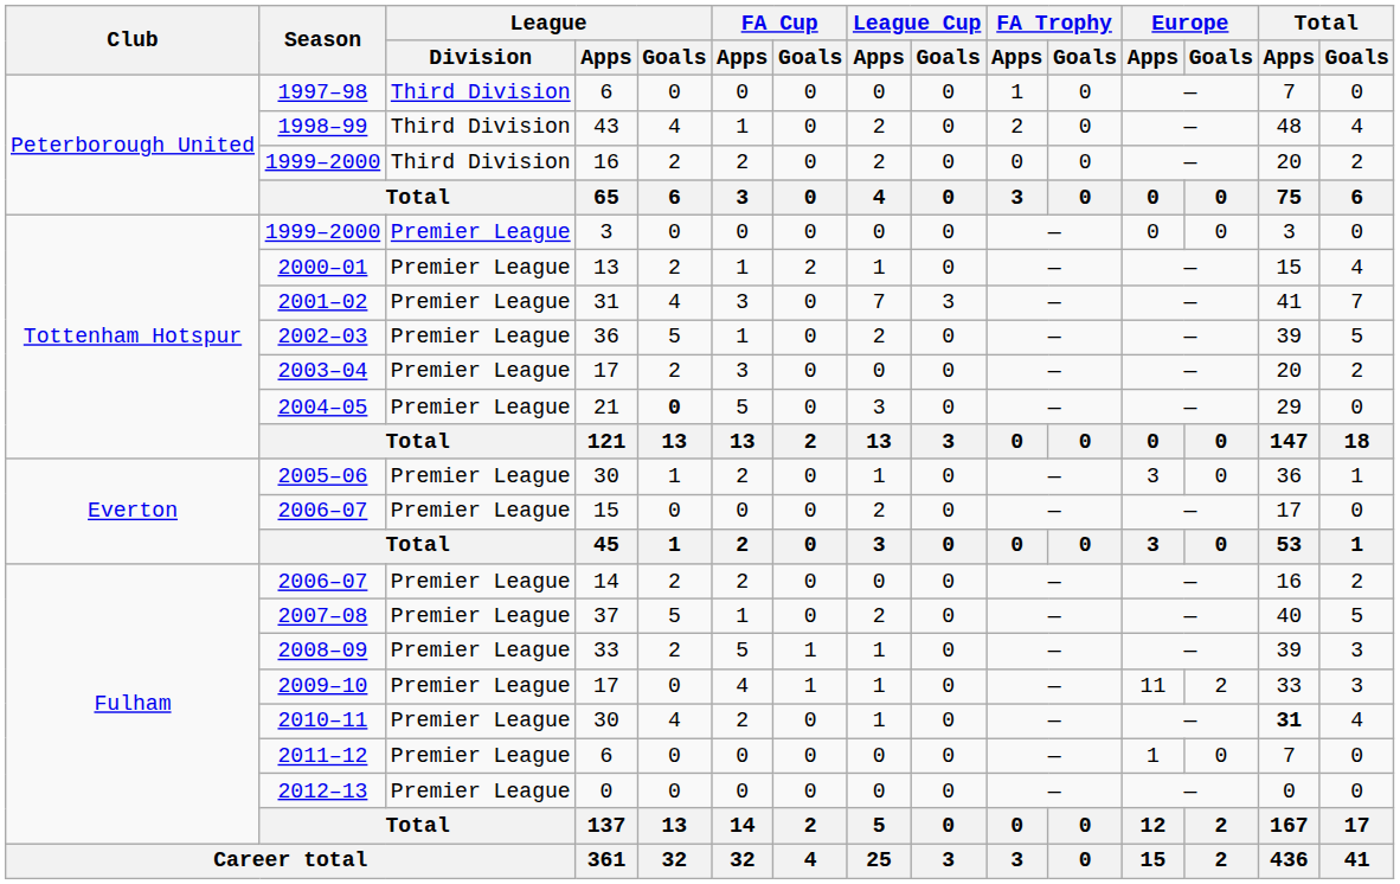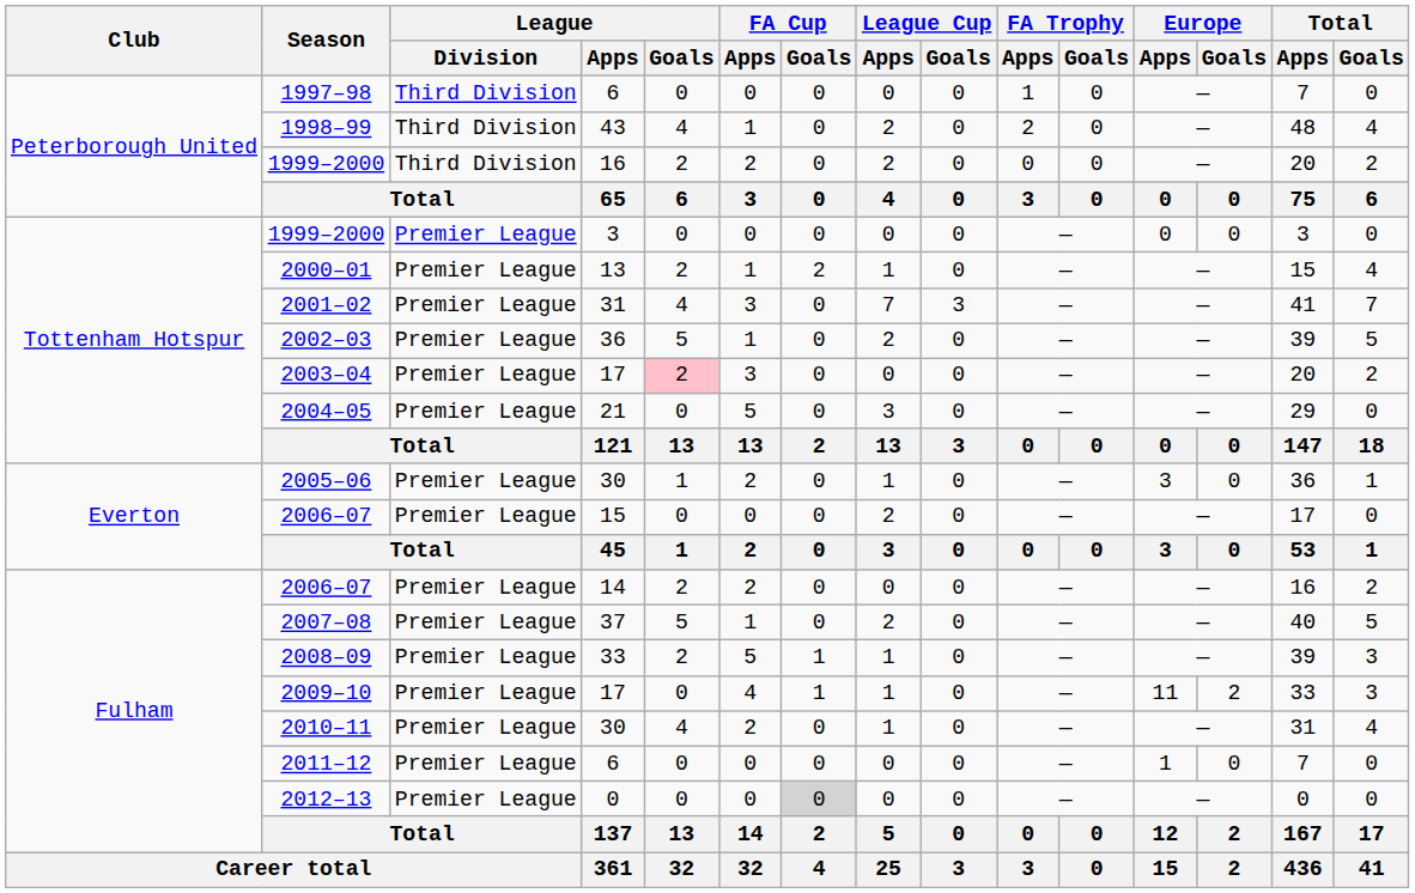 <table class="wikitable" style="text-align:center">
 <tr>
 <th rowspan="2">Club</th>
 <th rowspan="2">Season</th>
 <th colspan="3">League</th>
 <th colspan="2"><a href='#'>FA Cup</a></th>
 <th colspan="2"><a href='#'>League Cup</a></th>
 <th colspan="2"><a href='#'>FA Trophy</a></th>
 <th colspan="2"><a href='#'>Europe</a></th>
 <th colspan="2">Total</th>
 </tr>
 <tr>
 <th>Division</th>
 <th>Apps</th>
 <th>Goals</th>
 <th>Apps</th>
 <th>Goals</th>
 <th>Apps</th>
 <th>Goals</th>
 <th>Apps</th>
 <th>Goals</th>
 <th>Apps</th>
 <th>Goals</th>
 <th>Apps</th>
 <th>Goals</th>
 </tr>
 <tr>
 <td rowspan="4"><a href='#'>Peterborough United</a></td>
 <td><a href='#'>1997–98</a></td>
 <td><a href='#'>Third Division</a></td>
 <td>6</td>
 <td>0</td>
 <td>0</td>
 <td>0</td>
 <td>0</td>
 <td>0</td>
 <td>1</td>
 <td>0</td>
 <td colspan="2">—</td>
 <td>7</td>
 <td>0</td>
 </tr>
 <tr>
 <td><a href='#'>1998–99</a></td>
 <td>Third Division</td>
 <td>43</td>
 <td>4</td>
 <td>1</td>
 <td>0</td>
 <td>2</td>
 <td>0</td>
 <td>2</td>
 <td>0</td>
 <td colspan="2">—</td>
 <td>48</td>
 <td>4</td>
 </tr>
 <tr>
 <td><a href='#'>1999–2000</a></td>
 <td>Third Division</td>
 <td>16</td>
 <td>2</td>
 <td>2</td>
 <td>0</td>
 <td>2</td>
 <td>0</td>
 <td>0</td>
 <td>0</td>
 <td colspan="2">—</td>
 <td>20</td>
 <td>2</td>
 </tr>
 <tr>
 <th colspan="2">Total</th>
 <th>65</th>
 <th>6</th>
 <th>3</th>
 <th>0</th>
 <th>4</th>
 <th>0</th>
 <th>3</th>
 <th>0</th>
 <th>0</th>
 <th>0</th>
 <th>75</th>
 <th>6</th>
 </tr>
 <tr>
 <td rowspan="7"><a href='#'>Tottenham Hotspur</a></td>
 <td><a href='#'>1999–2000</a></td>
 <td><a href='#'>Premier League</a></td>
 <td>3</td>
 <td>0</td>
 <td>0</td>
 <td>0</td>
 <td>0</td>
 <td>0</td>
 <td colspan="2">—</td>
 <td>0</td>
 <td>0</td>
 <td>3</td>
 <td>0</td>
 </tr>
 <tr>
 <td><a href='#'>2000–01</a></td>
 <td>Premier League</td>
 <td>13</td>
 <td>2</td>
 <td>1</td>
 <td>2</td>
 <td>1</td>
 <td>0</td>
 <td colspan="2">—</td>
 <td colspan="2">—</td>
 <td>15</td>
 <td>4</td>
 </tr>
 <tr>
 <td><a href='#'>2001–02</a></td>
 <td>Premier League</td>
 <td>31</td>
 <td>4</td>
 <td>3</td>
 <td>0</td>
 <td>7</td>
 <td>3</td>
 <td colspan="2">—</td>
 <td colspan="2">—</td>
 <td>41</td>
 <td>7</td>
 </tr>
 <tr>
 <td><a href='#'>2002–03</a></td>
 <td>Premier League</td>
 <td>36</td>
 <td>5</td>
 <td>1</td>
 <td>0</td>
 <td>2</td>
 <td>0</td>
 <td colspan="2">—</td>
 <td colspan="2">—</td>
 <td>39</td>
 <td>5</td>
 </tr>
 <tr>
 <td><a href='#'>2003–04</a></td>
 <td>Premier League</td>
 <td>17</td>
-<td>2</td>
+<td style="background: pink;">2</td>
 <td>3</td>
 <td>0</td>
 <td>0</td>
 <td>0</td>
 <td colspan="2">—</td>
 <td colspan="2">—</td>
 <td>20</td>
 <td>2</td>
 </tr>
 <tr>
 <td><a href='#'>2004–05</a></td>
 <td>Premier League</td>
 <td>21</td>
-<td><strong>0</strong></td>
+<td>0</td>
 <td>5</td>
 <td>0</td>
 <td>3</td>
 <td>0</td>
 <td colspan="2">—</td>
 <td colspan="2">—</td>
 <td>29</td>
 <td>0</td>
 </tr>
 <tr>
 <th colspan="2">Total</th>
 <th>121</th>
 <th>13</th>
 <th>13</th>
 <th>2</th>
 <th>13</th>
 <th>3</th>
 <th>0</th>
 <th>0</th>
 <th>0</th>
 <th>0</th>
 <th>147</th>
 <th>18</th>
 </tr>
 <tr>
 <td rowspan="3"><a href='#'>Everton</a></td>
 <td><a href='#'>2005–06</a></td>
 <td>Premier League</td>
 <td>30</td>
 <td>1</td>
 <td>2</td>
 <td>0</td>
 <td>1</td>
 <td>0</td>
 <td colspan="2">—</td>
 <td>3</td>
 <td>0</td>
 <td>36</td>
 <td>1</td>
 </tr>
 <tr>
 <td><a href='#'>2006–07</a></td>
 <td>Premier League</td>
 <td>15</td>
 <td>0</td>
 <td>0</td>
 <td>0</td>
 <td>2</td>
 <td>0</td>
 <td colspan="2">—</td>
 <td colspan="2">—</td>
 <td>17</td>
 <td>0</td>
 </tr>
 <tr>
 <th colspan="2">Total</th>
 <th>45</th>
 <th>1</th>
 <th>2</th>
 <th>0</th>
 <th>3</th>
 <th>0</th>
 <th>0</th>
 <th>0</th>
 <th>3</th>
 <th>0</th>
 <th>53</th>
 <th>1</th>
 </tr>
 <tr>
 <td rowspan="8"><a href='#'>Fulham</a></td>
 <td><a href='#'>2006–07</a></td>
 <td>Premier League</td>
 <td>14</td>
 <td>2</td>
 <td>2</td>
 <td>0</td>
 <td>0</td>
 <td>0</td>
 <td colspan="2">—</td>
 <td colspan="2">—</td>
 <td>16</td>
 <td>2</td>
 </tr>
 <tr>
 <td><a href='#'>2007–08</a></td>
 <td>Premier League</td>
 <td>37</td>
 <td>5</td>
 <td>1</td>
 <td>0</td>
 <td>2</td>
 <td>0</td>
 <td colspan="2">—</td>
 <td colspan="2">—</td>
 <td>40</td>
 <td>5</td>
 </tr>
 <tr>
 <td><a href='#'>2008–09</a></td>
 <td>Premier League</td>
 <td>33</td>
 <td>2</td>
 <td>5</td>
 <td>1</td>
 <td>1</td>
 <td>0</td>
 <td colspan="2">—</td>
 <td colspan="2">—</td>
 <td>39</td>
 <td>3</td>
 </tr>
 <tr>
 <td><a href='#'>2009–10</a></td>
 <td>Premier League</td>
 <td>17</td>
 <td>0</td>
 <td>4</td>
 <td>1</td>
 <td>1</td>
 <td>0</td>
 <td colspan="2">—</td>
 <td>11</td>
 <td>2</td>
 <td>33</td>
 <td>3</td>
 </tr>
 <tr>
 <td><a href='#'>2010–11</a></td>
 <td>Premier League</td>
 <td>30</td>
 <td>4</td>
 <td>2</td>
 <td>0</td>
 <td>1</td>
 <td>0</td>
 <td colspan="2">—</td>
 <td colspan="2">—</td>
-<td><strong>31</strong></td>
+<td>31</td>
 <td>4</td>
 </tr>
 <tr>
 <td><a href='#'>2011–12</a></td>
 <td>Premier League</td>
 <td>6</td>
 <td>0</td>
 <td>0</td>
 <td>0</td>
 <td>0</td>
 <td>0</td>
 <td colspan="2">—</td>
 <td>1</td>
 <td>0</td>
 <td>7</td>
 <td>0</td>
 </tr>
 <tr>
 <td><a href='#'>2012–13</a></td>
 <td>Premier League</td>
 <td>0</td>
 <td>0</td>
 <td>0</td>
-<td>0</td>
+<td style="background: lightgrey;">0</td>
 <td>0</td>
 <td>0</td>
 <td colspan="2">—</td>
 <td colspan="2">—</td>
 <td>0</td>
 <td>0</td>
 </tr>
 <tr>
 <th colspan="2">Total</th>
 <th>137</th>
 <th>13</th>
 <th>14</th>
 <th>2</th>
 <th>5</th>
 <th>0</th>
 <th>0</th>
 <th>0</th>
 <th>12</th>
 <th>2</th>
 <th>167</th>
 <th>17</th>
 </tr>
 <tr>
 <th colspan="3">Career total</th>
 <th>361</th>
 <th>32</th>
 <th>32</th>
 <th>4</th>
 <th>25</th>
 <th>3</th>
 <th>3</th>
 <th>0</th>
 <th>15</th>
 <th>2</th>
 <th>436</th>
 <th>41</th>
 </tr>
 </table>
